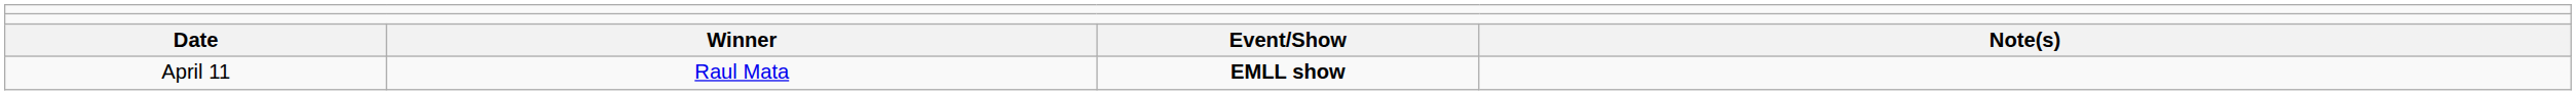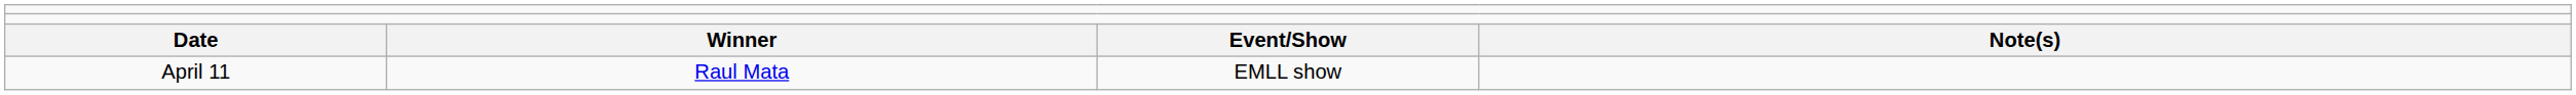 <table class="wikitable" style="text-align:center; width:100%;">
 <tr>
 <td colspan=5></td>
 </tr>
 <tr>
 <td colspan=5><strong></strong></td>
 </tr>
 <tr>
 <th width=14%>Date</th>
 <th width=26%>Winner</th>
 <th width=14%>Event/Show</th>
 <th width=40%>Note(s)</th>
 </tr>
 <tr>
 <td>April 11</td>
 <td><a href='#'>Raul Mata</a></td>
-<td><strong>EMLL show</strong></td>
+<td>EMLL show</td>
 <td align=left></td>
 </tr>
 </table>
